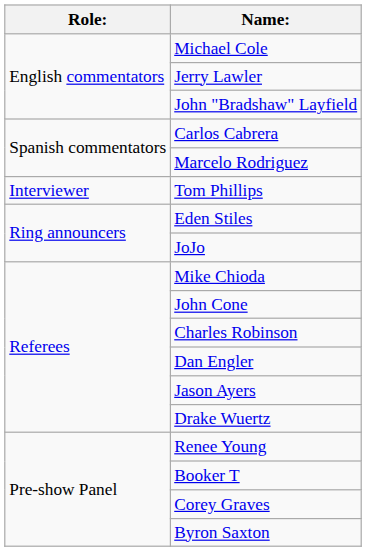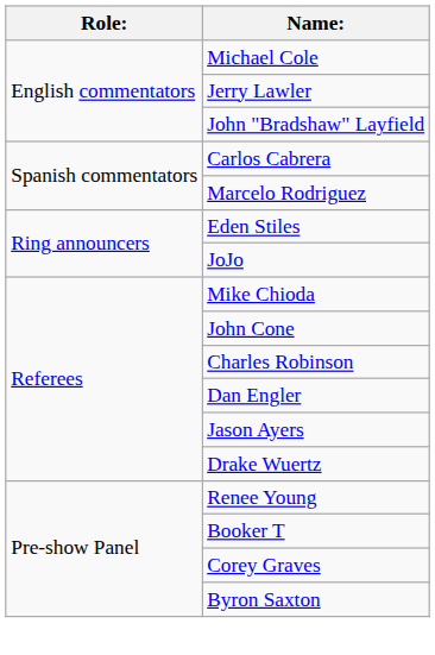 <table class=wikitable style="font-size:90%; margin: 0.5em 0 0.5em 1em; float: right; clear: right;">
 <tr>
 <th>Role:</th>
 <th>Name:</th>
 </tr>
 <tr>
 <td rowspan=3>English <a href='#'>commentators</a></td>
 <td><a href='#'>Michael Cole</a></td>
 </tr>
 <tr>
 <td><a href='#'>Jerry Lawler</a></td>
 </tr>
 <tr>
 <td><a href='#'>John "Bradshaw" Layfield</a></td>
 </tr>
 <tr>
 <td rowspan=2>Spanish commentators</td>
 <td><a href='#'>Carlos Cabrera</a></td>
 </tr>
 <tr>
 <td><a href='#'>Marcelo Rodriguez</a></td>
-</tr>
-<tr>
-<td><a href='#'>Interviewer</a></td>
-<td><a href='#'>Tom Phillips</a></td>
 </tr>
 <tr>
 <td rowspan=2><a href='#'>Ring announcers</a></td>
 <td><a href='#'>Eden Stiles</a></td>
 </tr>
 <tr>
 <td><a href='#'>JoJo</a></td>
 </tr>
 <tr>
 <td rowspan=6><a href='#'>Referees</a></td>
 <td><a href='#'>Mike Chioda</a></td>
 </tr>
 <tr>
 <td><a href='#'>John Cone</a></td>
 </tr>
 <tr>
 <td><a href='#'>Charles Robinson</a></td>
 </tr>
 <tr>
 <td><a href='#'>Dan Engler</a></td>
 </tr>
 <tr>
 <td><a href='#'>Jason Ayers</a></td>
 </tr>
 <tr>
 <td><a href='#'>Drake Wuertz</a></td>
 </tr>
 <tr>
 <td rowspan=4>Pre-show Panel</td>
 <td><a href='#'>Renee Young</a></td>
 </tr>
 <tr>
 <td><a href='#'>Booker T</a></td>
 </tr>
 <tr>
 <td><a href='#'>Corey Graves</a></td>
 </tr>
 <tr>
 <td><a href='#'>Byron Saxton</a></td>
 </tr>
 </table>
